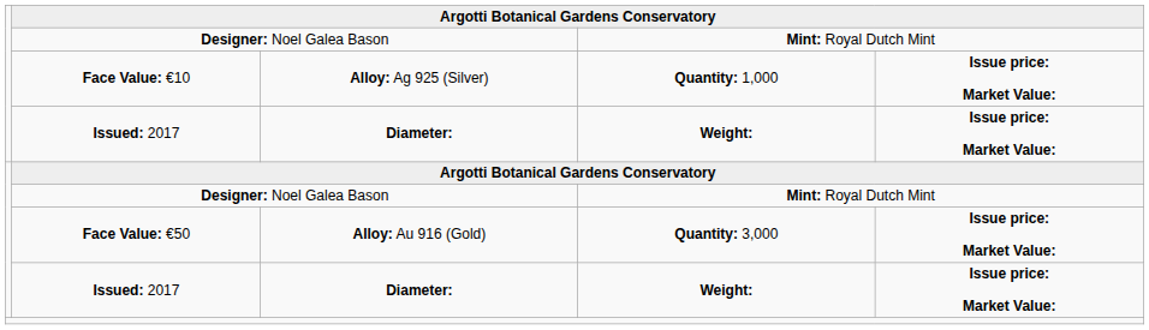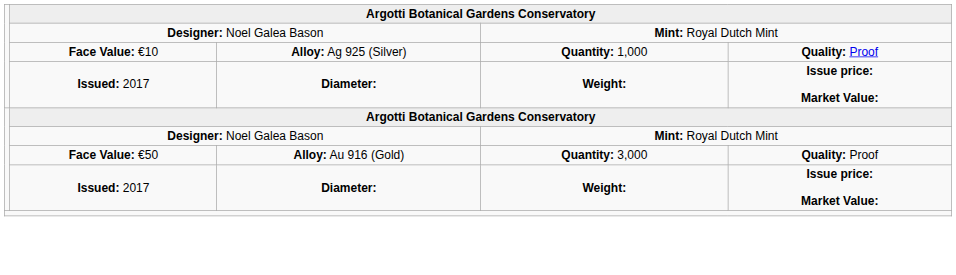 <table class="wikitable" width=100%>
 <tr>
 <td rowspan=4 width="330px" nowrap align=center></td>
 <th colspan="4" align=center style="background:#eeeeee;">Argotti Botanical Gardens Conservatory</th>
 </tr>
 <tr>
 <td colspan="2" width="50%" align=center><strong>Designer:</strong> Noel Galea Bason</td>
 <td colspan="2" width="50%" align=center><strong>Mint:</strong> Royal Dutch Mint</td>
 </tr>
 <tr>
 <td align=center><strong>Face Value:</strong> €10</td>
 <td align=center><strong>Alloy:</strong> Ag 925 (Silver)</td>
 <td align=center><strong>Quantity:</strong> 1,000</td>
-<td align=center><strong>Issue price:</strong><br><br> <strong>Market Value:</strong></td>
+<td align=center><strong>Quality:</strong> <a href='#'>Proof</a></td>
 </tr>
 <tr>
 <td align=center><strong>Issued:</strong> 2017</td>
 <td align=center><strong>Diameter:</strong> </td>
 <td align=center><strong>Weight:</strong> </td>
 <td align=center><strong>Issue price:</strong><br><br> <strong>Market Value:</strong></td>
 </tr>
 <tr>
 <td rowspan=4 width="330px" nowrap align=center></td>
 <th colspan="4" align=center style="background:#eeeeee;">Argotti Botanical Gardens Conservatory</th>
 </tr>
 <tr>
 <td colspan="2" width="50%" align=center><strong>Designer:</strong> Noel Galea Bason</td>
 <td colspan="2" width="50%" align=center><strong>Mint:</strong> Royal Dutch Mint</td>
 </tr>
 <tr>
 <td align=center><strong>Face Value:</strong> €50</td>
 <td align=center><strong>Alloy:</strong> Au 916 (Gold)</td>
 <td align=center><strong>Quantity:</strong> 3,000</td>
-<td align=center><strong>Issue price:</strong><br><br> <strong>Market Value:</strong></td>
+<td align=center><strong>Quality:</strong> Proof</td>
 </tr>
 <tr>
 <td align=center><strong>Issued:</strong> 2017</td>
 <td align=center><strong>Diameter:</strong> </td>
 <td align=center><strong>Weight:</strong> </td>
 <td align=center><strong>Issue price:</strong><br><br> <strong>Market Value:</strong></td>
 </tr>
 <tr>
 <td colspan="5" align=left></td>
 </tr>
 </table>
